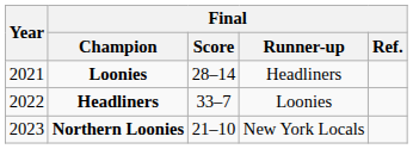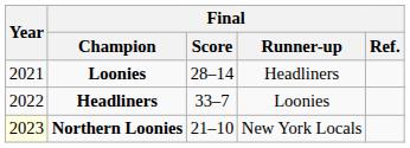 <table class="wikitable">
 <tr>
 <th rowspan="2">Year</th>
 <th colspan="4">Final</th>
 </tr>
 <tr>
 <th>Champion</th>
 <th>Score</th>
 <th>Runner-up</th>
 <th>Ref.</th>
 </tr>
 <tr>
 <td align="center">2021</td>
 <td align="center"><strong>Loonies</strong></td>
 <td align="center">28–14</td>
 <td align="center">Headliners</td>
 <td align="center"></td>
 </tr>
 <tr>
 <td align="center">2022</td>
 <td align="center"><strong>Headliners</strong></td>
 <td align="center">33–7</td>
 <td align="center">Loonies</td>
 <td align="center"></td>
 </tr>
 <tr>
-<td align="center">2023</td>
+<td align="center" style="background: lightyellow;">2023</td>
 <td align="center"><strong>Northern Loonies</strong></td>
 <td align="center">21–10</td>
 <td align="center">New York Locals</td>
 <td align="center"></td>
 </tr>
 </table>
